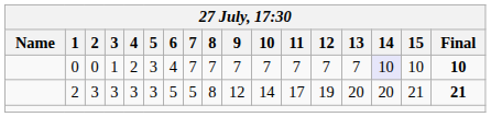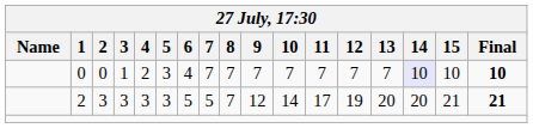 <table class=wikitable style="text-align:center; width: 55%">
 <tr>
 <th colspan=17><em>27 July, 17:30</em></th>
 </tr>
 <tr>
 <th>Name</th>
 <th>1</th>
 <th>2</th>
 <th>3</th>
 <th>4</th>
 <th>5</th>
 <th>6</th>
 <th>7</th>
 <th>8</th>
 <th>9</th>
 <th>10</th>
 <th>11</th>
 <th>12</th>
 <th>13</th>
 <th>14</th>
 <th>15</th>
 <th>Final</th>
 </tr>
 <tr>
 <td align=left></td>
 <td>0</td>
 <td>0</td>
 <td>1</td>
 <td>2</td>
 <td>3</td>
 <td>4</td>
 <td>7</td>
 <td>7</td>
 <td>7</td>
 <td>7</td>
 <td>7</td>
 <td>7</td>
 <td>7</td>
 <td style="background: lavender;">10</td>
 <td>10</td>
 <td><strong>10</strong></td>
 </tr>
 <tr>
 <td align=left><strong></strong></td>
 <td>2</td>
 <td>3</td>
 <td>3</td>
 <td>3</td>
 <td>3</td>
 <td>5</td>
 <td>5</td>
-<td>8</td>
+<td>7</td>
 <td>12</td>
 <td>14</td>
 <td>17</td>
 <td>19</td>
 <td>20</td>
 <td>20</td>
 <td>21</td>
 <td><strong>21</strong></td>
 </tr>
 <tr>
 <td colspan=17></td>
 </tr>
 </table>
